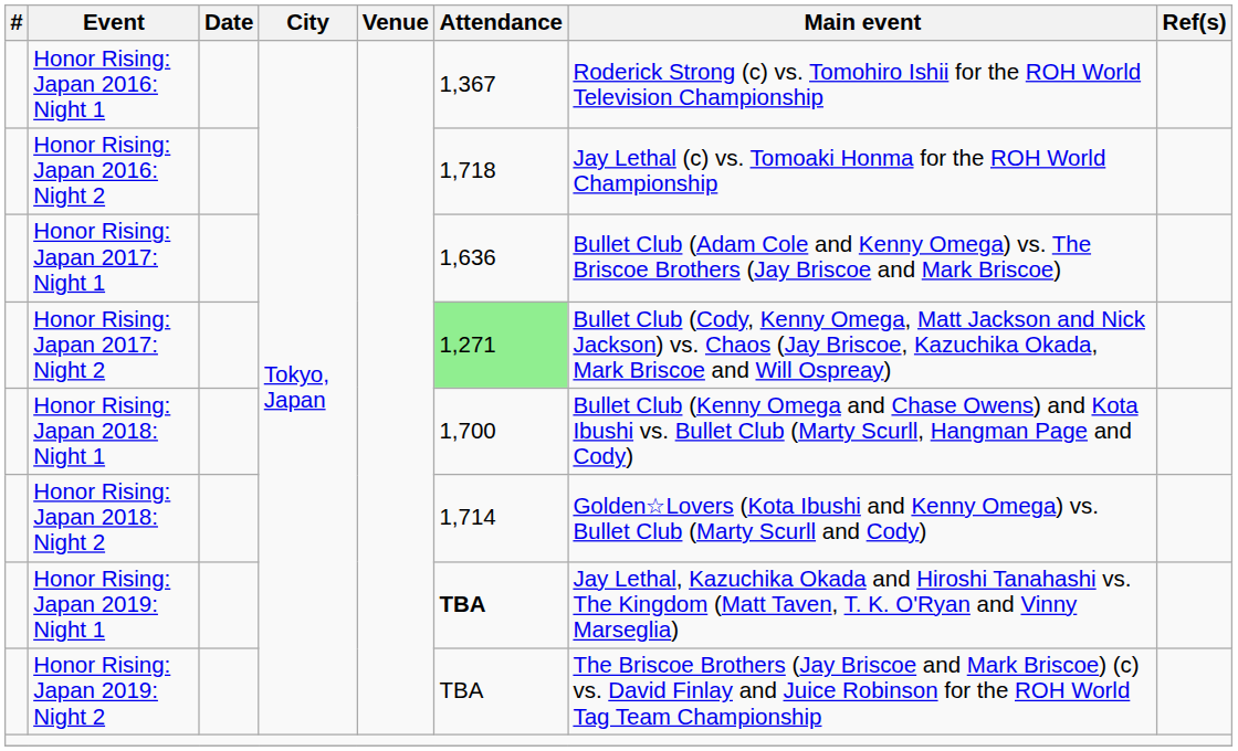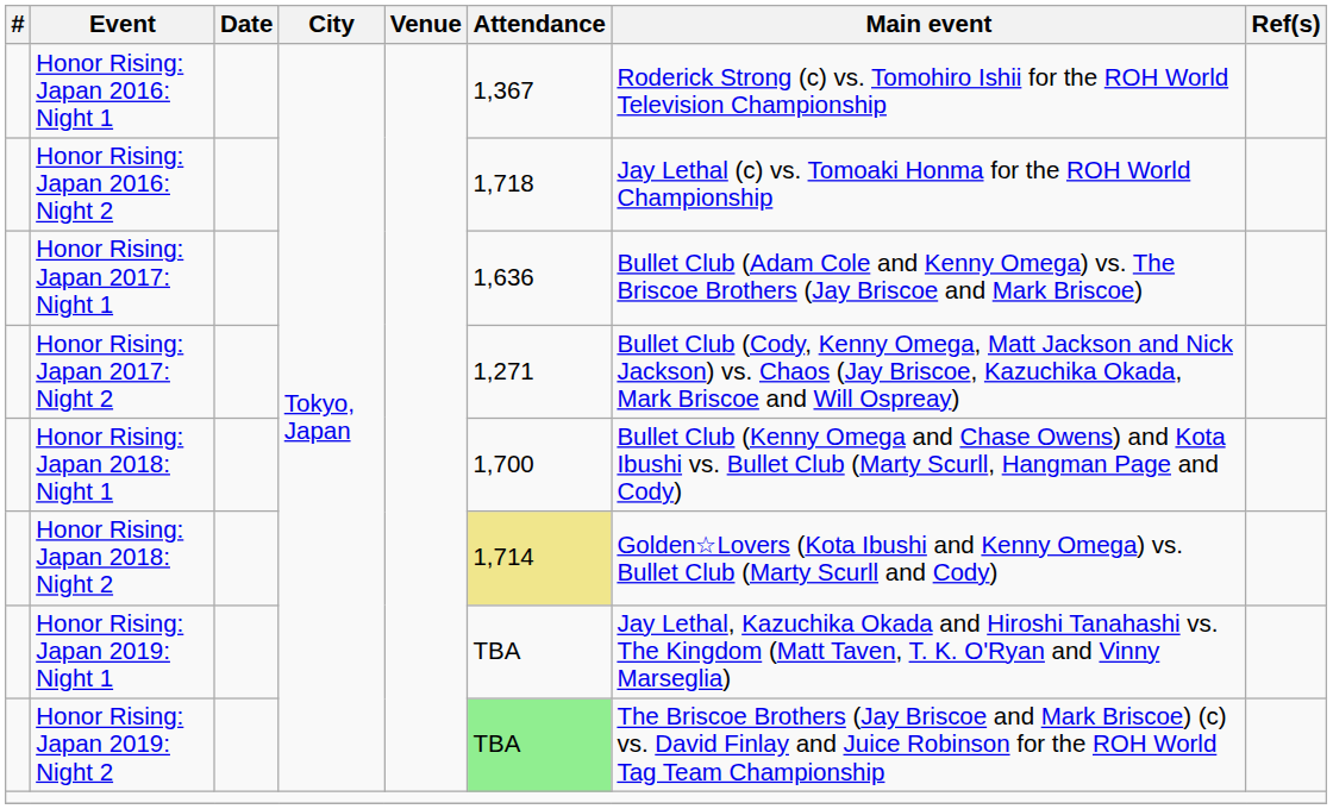 <table class="wikitable sortable" align="center">
 <tr>
 <th>#</th>
 <th>Event</th>
 <th>Date</th>
 <th>City</th>
 <th>Venue</th>
 <th>Attendance</th>
 <th>Main event</th>
 <th>Ref(s)</th>
 </tr>
 <tr>
 <td></td>
 <td><a href='#'>Honor Rising: Japan 2016: Night 1</a></td>
 <td></td>
 <td rowspan="8"><a href='#'>Tokyo, Japan</a></td>
 <td rowspan="8"></td>
 <td>1,367</td>
 <td align="left"><a href='#'>Roderick Strong</a> (c) vs. <a href='#'>Tomohiro Ishii</a> for the <a href='#'>ROH World Television Championship</a></td>
 <td></td>
 </tr>
 <tr>
 <td></td>
 <td><a href='#'>Honor Rising: Japan 2016: Night 2</a></td>
 <td></td>
 <td>1,718</td>
 <td align="left"><a href='#'>Jay Lethal</a> (c) vs. <a href='#'>Tomoaki Honma</a> for the <a href='#'>ROH World Championship</a></td>
 <td></td>
 </tr>
 <tr>
 <td></td>
 <td><a href='#'>Honor Rising: Japan 2017: Night 1</a></td>
 <td></td>
 <td>1,636</td>
 <td align="left"><a href='#'>Bullet Club</a> (<a href='#'>Adam Cole</a> and <a href='#'>Kenny Omega</a>) vs. <a href='#'>The Briscoe Brothers</a> (<a href='#'>Jay Briscoe</a> and <a href='#'>Mark Briscoe</a>)</td>
 <td></td>
 </tr>
 <tr>
 <td></td>
 <td><a href='#'>Honor Rising: Japan 2017: Night 2</a></td>
 <td></td>
-<td style="background: lightgreen;">1,271</td>
+<td>1,271</td>
 <td align="left"><a href='#'>Bullet Club</a> (<a href='#'>Cody</a>, <a href='#'>Kenny Omega</a>, <a href='#'>Matt Jackson and Nick Jackson</a>) vs. <a href='#'>Chaos</a> (<a href='#'>Jay Briscoe</a>, <a href='#'>Kazuchika Okada</a>, <a href='#'>Mark Briscoe</a> and <a href='#'>Will Ospreay</a>)</td>
 <td></td>
 </tr>
 <tr>
 <td></td>
 <td><a href='#'>Honor Rising: Japan 2018: Night 1</a></td>
 <td></td>
 <td>1,700</td>
 <td align="left"><a href='#'>Bullet Club</a> (<a href='#'>Kenny Omega</a> and <a href='#'>Chase Owens</a>) and <a href='#'>Kota Ibushi</a> vs. <a href='#'>Bullet Club</a> (<a href='#'>Marty Scurll</a>, <a href='#'>Hangman Page</a> and <a href='#'>Cody</a>)</td>
 <td></td>
 </tr>
 <tr>
 <td></td>
 <td><a href='#'>Honor Rising: Japan 2018: Night 2</a></td>
 <td></td>
-<td>1,714</td>
+<td style="background: khaki;">1,714</td>
 <td align="left"><a href='#'>Golden☆Lovers</a> (<a href='#'>Kota Ibushi</a> and <a href='#'>Kenny Omega</a>) vs. <a href='#'>Bullet Club</a> (<a href='#'>Marty Scurll</a> and <a href='#'>Cody</a>)</td>
 <td></td>
 </tr>
 <tr>
 <td></td>
 <td><a href='#'>Honor Rising: Japan 2019: Night 1</a></td>
 <td></td>
-<td><strong>TBA</strong></td>
+<td>TBA</td>
 <td><a href='#'>Jay Lethal</a>, <a href='#'>Kazuchika Okada</a> and <a href='#'>Hiroshi Tanahashi</a> vs. <a href='#'>The Kingdom</a> (<a href='#'>Matt Taven</a>, <a href='#'>T. K. O'Ryan</a> and <a href='#'>Vinny Marseglia</a>)</td>
 <td></td>
 </tr>
 <tr>
 <td></td>
 <td><a href='#'>Honor Rising: Japan 2019: Night 2</a></td>
 <td></td>
-<td>TBA</td>
+<td style="background: lightgreen;">TBA</td>
 <td><a href='#'>The Briscoe Brothers</a> (<a href='#'>Jay Briscoe</a> and <a href='#'>Mark Briscoe</a>) (c) vs. <a href='#'>David Finlay</a> and <a href='#'>Juice Robinson</a> for the <a href='#'>ROH World Tag Team Championship</a></td>
 <td></td>
 </tr>
 <tr>
 <td colspan="8"></td>
 </tr>
 <tr>
 </tr>
 </table>
